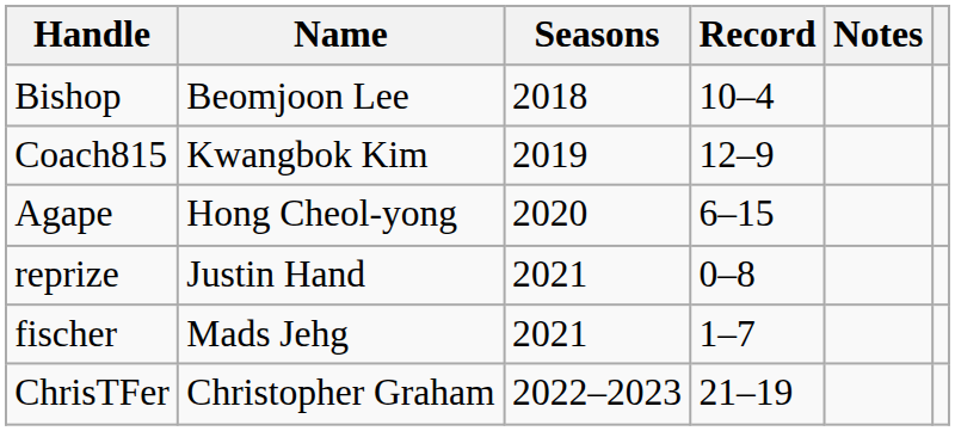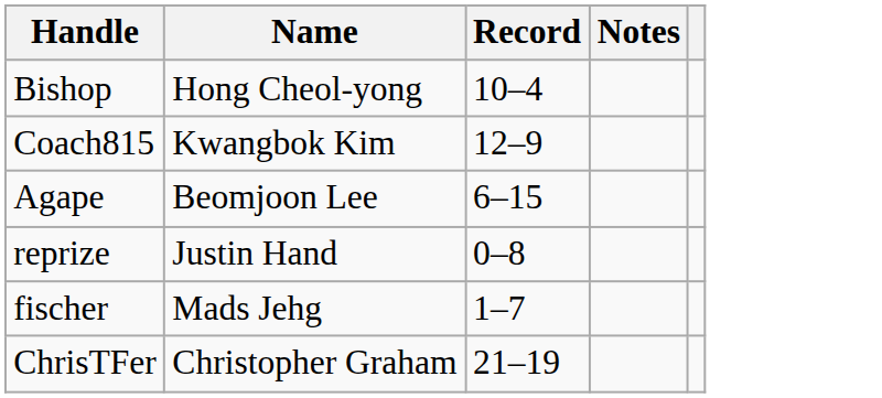 <table class="wikitable">
 <tr>
 <th style="background:#">Handle</th>
 <th style="background:#">Name</th>
-<th style="background:#">Seasons</th>
 <th style="background:#">Record</th>
 <th style="background:#">Notes</th>
 <th style="background:#"></th>
 </tr>
 <tr>
 <td>Bishop</td>
-<td>Beomjoon Lee</td>
-<td>2018</td>
+<td>Hong Cheol-yong</td>
 <td>10–4 </td>
 <td></td>
 <td></td>
 </tr>
 <tr>
 <td>Coach815</td>
 <td>Kwangbok Kim</td>
-<td>2019</td>
 <td>12–9 </td>
 <td></td>
 <td></td>
 </tr>
 <tr>
 <td>Agape</td>
-<td>Hong Cheol-yong</td>
-<td>2020</td>
+<td>Beomjoon Lee</td>
 <td>6–15 </td>
 <td></td>
 <td></td>
 </tr>
 <tr>
 <td>reprize</td>
 <td>Justin Hand</td>
-<td>2021</td>
 <td>0–8 </td>
 <td></td>
 <td></td>
 </tr>
 <tr>
 <td>fischer</td>
 <td>Mads Jehg</td>
-<td>2021</td>
 <td>1–7 </td>
 <td></td>
 <td></td>
 </tr>
 <tr>
 <td>ChrisTFer</td>
 <td>Christopher Graham</td>
-<td>2022–2023</td>
 <td>21–19 </td>
 <td></td>
 <td></td>
 </tr>
 </table>
